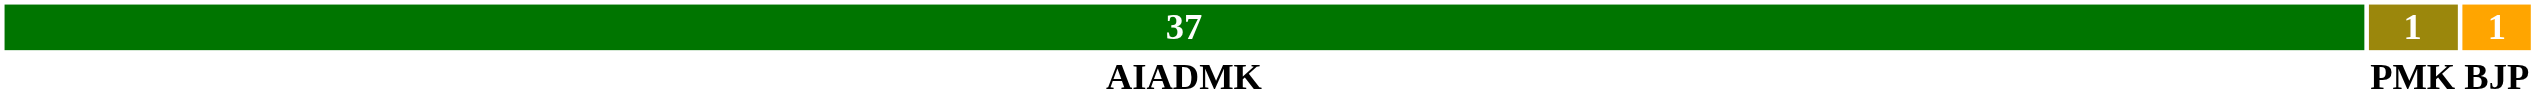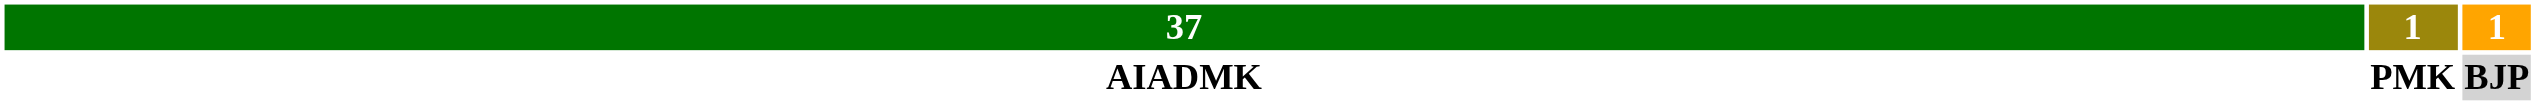 <table style="width:88%; text-align:center;">
 <tr style="color:white;">
 <td style="background:#007500; width:94.8%;"><strong>37</strong></td>
 <td style="background:#9B870C; width:2.6%;"><strong>1</strong></td>
 <td style="background:orange; width:2.6%;"><strong>1</strong></td>
 </tr>
 <tr>
 <td><span><strong>AIADMK</strong></span></td>
 <td><span><strong>PMK</strong></span></td>
-<td><span><strong>BJP</strong></span></td>
+<td style="background: lightgrey;"><span><strong>BJP</strong></span></td>
 </tr>
 </table>
